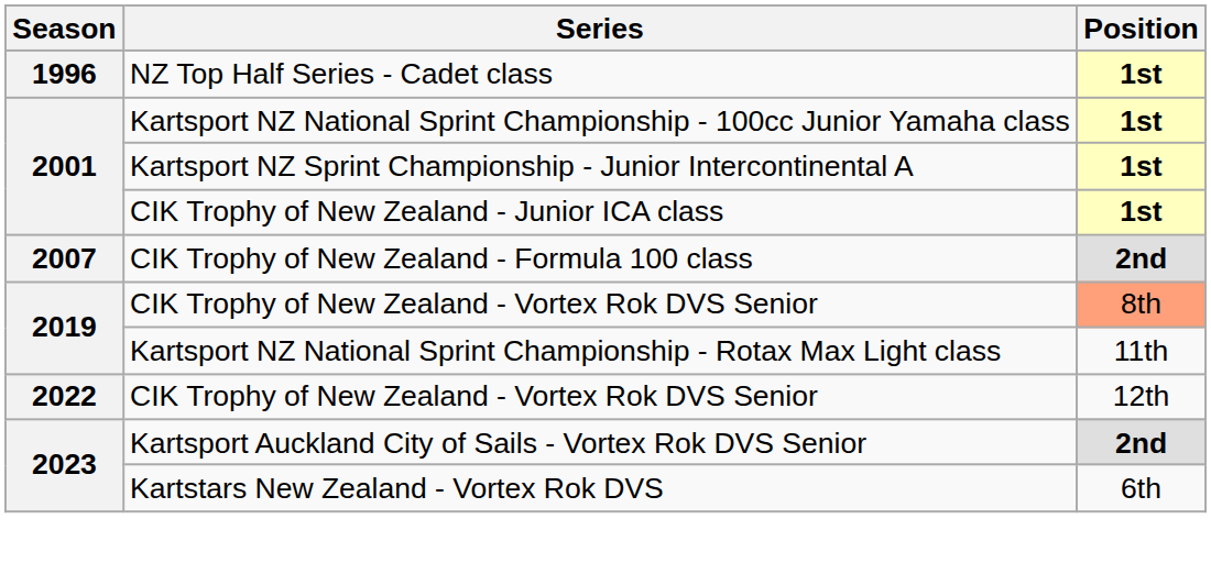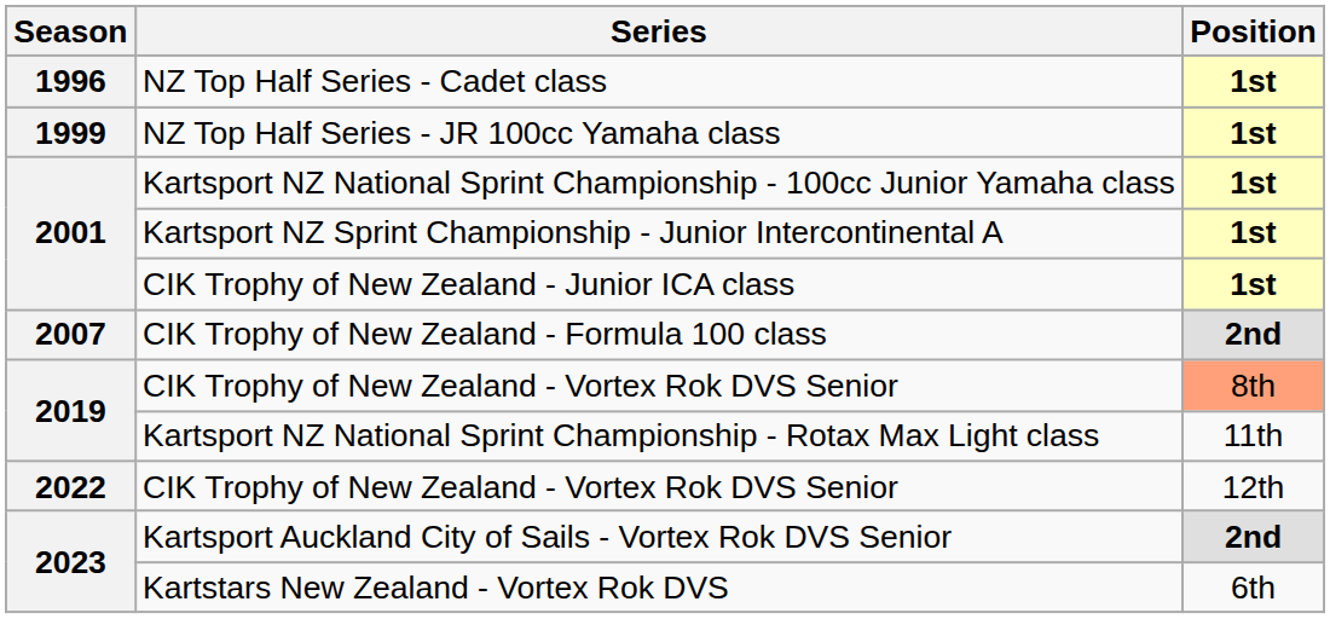 <table class="wikitable" style="font-size: 85%; text-align:center">
 <tr>
 <th>Season</th>
 <th>Series</th>
 <th>Position</th>
 </tr>
 <tr>
 <th>1996</th>
 <td align="left">NZ Top Half Series - Cadet class</td>
+<td style="background:#FFFFBF"><strong>1st</strong></td>
+</tr>
+<tr>
+<th>1999</th>
+<td align="left">NZ Top Half Series - JR 100cc Yamaha class</td>
 <td style="background:#FFFFBF"><strong>1st</strong></td>
 </tr>
 <tr>
 <th rowspan=3>2001</th>
 <td align="left">Kartsport NZ National Sprint Championship - 100cc Junior Yamaha class</td>
 <td style="background:#FFFFBF"><strong>1st</strong></td>
 </tr>
 <tr>
 <td align="left">Kartsport NZ Sprint Championship - Junior Intercontinental A</td>
 <td style="background:#FFFFBF"><strong>1st</strong></td>
 </tr>
 <tr>
 <td align="left">CIK Trophy of New Zealand - Junior ICA class</td>
 <td style="background:#FFFFBF"><strong>1st</strong></td>
 </tr>
 <tr>
 <th>2007</th>
 <td align="left">CIK Trophy of New Zealand - Formula 100 class</td>
 <td style="background:#DFDFDF"><strong>2nd</strong></td>
 </tr>
 <tr>
 <th rowspan=2>2019</th>
 <td align="left">CIK Trophy of New Zealand - Vortex Rok DVS Senior</td>
 <td style="background: lightsalmon;">8th</td>
 </tr>
 <tr>
 <td align="left">Kartsport NZ National Sprint Championship - Rotax Max Light class</td>
 <td>11th</td>
 </tr>
 <tr>
 <th>2022</th>
 <td align="left">CIK Trophy of New Zealand - Vortex Rok DVS Senior</td>
 <td>12th</td>
 </tr>
 <tr>
 <th rowspan=2>2023</th>
 <td align="left">Kartsport Auckland City of Sails - Vortex Rok DVS Senior</td>
 <td style="background:#DFDFDF"><strong>2nd</strong></td>
 </tr>
 <tr>
 <td align="left">Kartstars New Zealand - Vortex Rok DVS</td>
 <td>6th</td>
 </tr>
 </table>
